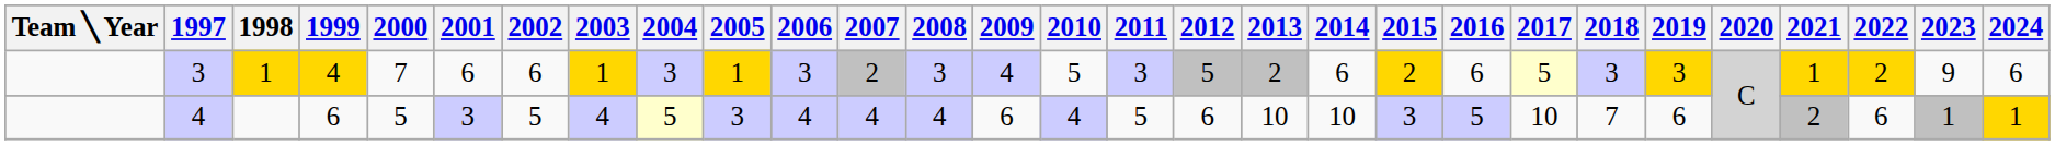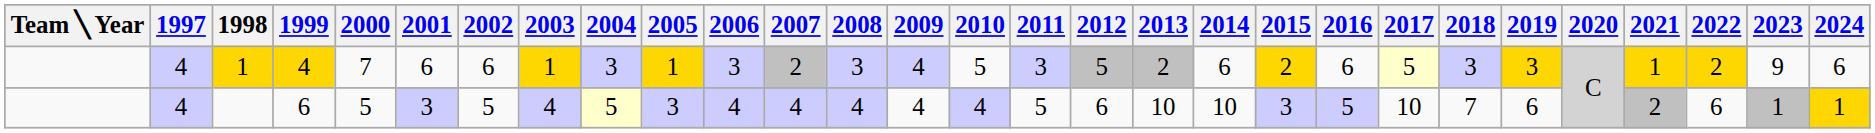 <table class=wikitable style="text-align:center; font-size:90%;">
 <tr>
 <th>Team ╲ Year</th>
 <th><a href='#'>1997</a></th>
 <th>1998</th>
 <th><a href='#'>1999</a></th>
 <th><a href='#'>2000</a></th>
 <th><a href='#'>2001</a></th>
 <th><a href='#'>2002</a></th>
 <th><a href='#'>2003</a></th>
 <th><a href='#'>2004</a></th>
 <th><a href='#'>2005</a></th>
 <th><a href='#'>2006</a></th>
 <th><a href='#'>2007</a></th>
 <th><a href='#'>2008</a></th>
 <th><a href='#'>2009</a></th>
 <th><a href='#'>2010</a></th>
 <th><a href='#'>2011</a></th>
 <th><a href='#'>2012</a></th>
 <th><a href='#'>2013</a></th>
 <th><a href='#'>2014</a></th>
 <th><a href='#'>2015</a></th>
 <th><a href='#'>2016</a></th>
 <th><a href='#'>2017</a></th>
 <th><a href='#'>2018</a></th>
 <th><a href='#'>2019</a></th>
 <th><a href='#'>2020</a></th>
 <th><a href='#'>2021</a></th>
 <th><a href='#'>2022</a></th>
 <th><a href='#'>2023</a></th>
 <th><a href='#'>2024</a></th>
 </tr>
 <tr>
 <td style="text-align:left"><strong></strong></td>
-<td style="background:#CCCCFF">3</td>
+<td style="background:#CCCCFF">4</td>
 <td style="background:gold">1</td>
 <td style="background:gold">4</td>
 <td>7</td>
 <td>6</td>
 <td>6</td>
 <td style="background:gold">1</td>
 <td style="background:#CCCCFF">3</td>
 <td style="background:gold">1</td>
 <td style="background:#CCCCFF">3</td>
 <td style="background:silver">2</td>
 <td style="background:#CCCCFF">3</td>
 <td style="background:#CCCCFF">4</td>
 <td>5</td>
 <td style="background:#CCCCFF">3</td>
 <td style="background:silver">5</td>
 <td style="background:silver">2</td>
 <td>6</td>
 <td style="background:gold">2</td>
 <td>6</td>
 <td style="background:#FFFFCC">5</td>
 <td style="background:#CCCCFF">3</td>
 <td style="background:gold">3</td>
 <td style="background:#D3D3D3" rowspan=2>C</td>
 <td style="background:gold">1</td>
 <td style="background:gold">2</td>
 <td>9</td>
 <td>6</td>
 </tr>
 <tr>
 <td style="text-align:left"><strong></strong></td>
 <td style="background:#CCCCFF">4</td>
 <td></td>
 <td>6</td>
 <td>5</td>
 <td style="background:#CCCCFF">3</td>
 <td>5</td>
 <td style="background:#CCCCFF">4</td>
 <td style="background:#FFFFCC">5</td>
 <td style="background:#CCCCFF">3</td>
 <td style="background:#CCCCFF">4</td>
 <td style="background:#CCCCFF">4</td>
 <td style="background:#CCCCFF">4</td>
-<td>6</td>
+<td>4</td>
 <td style="background:#CCCCFF">4</td>
 <td>5</td>
 <td>6</td>
 <td>10</td>
 <td>10</td>
 <td style="background:#CCCCFF">3</td>
 <td style="background:#CCCCFF">5</td>
 <td>10</td>
 <td>7</td>
 <td>6</td>
 <td style="background:silver">2</td>
 <td>6</td>
 <td style="background:silver">1</td>
 <td style="background:gold">1</td>
 </tr>
 </table>
